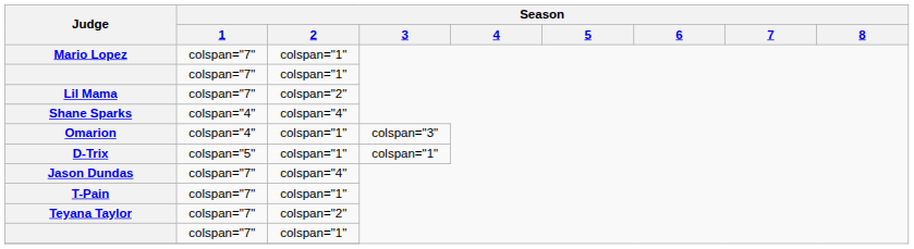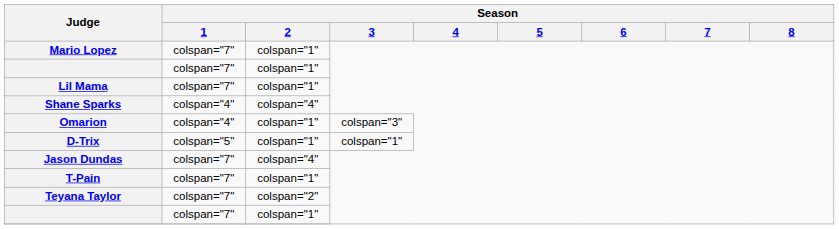 <table class="wikitable plainrowheaders" style="text-align:center">
 <tr>
 <th rowspan="2" style="width:15%;" scope="col">Judge</th>
 <th colspan="18">Season</th>
 </tr>
 <tr>
 <th style="width:8%;" scope="colspan"><a href='#'>1</a></th>
 <th style="width:8%;" scope="colspan"><a href='#'>2</a></th>
 <th style="width:8%;" scope="colspan"><a href='#'>3</a></th>
 <th style="width:8%;" scope="colspan"><a href='#'>4</a></th>
 <th style="width:8%;" scope="colspan"><a href='#'>5</a></th>
 <th style="width:8%;" scope="colspan"><a href='#'>6</a></th>
 <th style="width:8%;" scope="colspan"><a href='#'>7</a></th>
 <th style="width:8%;" scope="colspan"><a href='#'>8</a></th>
 </tr>
 <tr>
 <th scope="row" style="text-align: center;"><a href='#'>Mario Lopez</a></th>
 <td>colspan="7" </td>
 <td>colspan="1" </td>
 </tr>
 <tr>
 <th scope="row" style="text-align: center;"></th>
 <td>colspan="7" </td>
 <td>colspan="1" </td>
 </tr>
 <tr>
 <th scope="row" style="text-align: center;"><a href='#'>Lil Mama</a></th>
 <td>colspan="7" </td>
-<td>colspan="2" </td>
+<td>colspan="1" </td>
 </tr>
 <tr>
 <th scope="row" style="text-align: center;"><a href='#'>Shane Sparks</a></th>
 <td>colspan="4" </td>
 <td>colspan="4" </td>
 </tr>
 <tr>
 <th scope="row" style="text-align: center;"><a href='#'>Omarion</a></th>
 <td>colspan="4" </td>
 <td>colspan="1" </td>
 <td>colspan="3" </td>
 </tr>
 <tr>
 <th scope="row" style="text-align: center;"><a href='#'>D-Trix</a></th>
 <td>colspan="5" </td>
 <td>colspan="1" </td>
 <td>colspan="1" </td>
 </tr>
 <tr>
 <th scope="row" style="text-align: center;"><a href='#'>Jason Dundas</a></th>
 <td>colspan="7" </td>
 <td>colspan="4" </td>
 </tr>
 <tr>
 <th scope="row" style="text-align: center;"><a href='#'>T-Pain</a></th>
 <td>colspan="7" </td>
 <td>colspan="1" </td>
 </tr>
 <tr>
 <th scope="row" style="text-align: center;"><a href='#'>Teyana Taylor</a></th>
 <td>colspan="7" </td>
 <td>colspan="2" </td>
 </tr>
 <tr>
 <th scope="row" style="text-align: center;"></th>
 <td>colspan="7" </td>
 <td>colspan="1" </td>
 </tr>
 <tr>
 </tr>
 </table>
